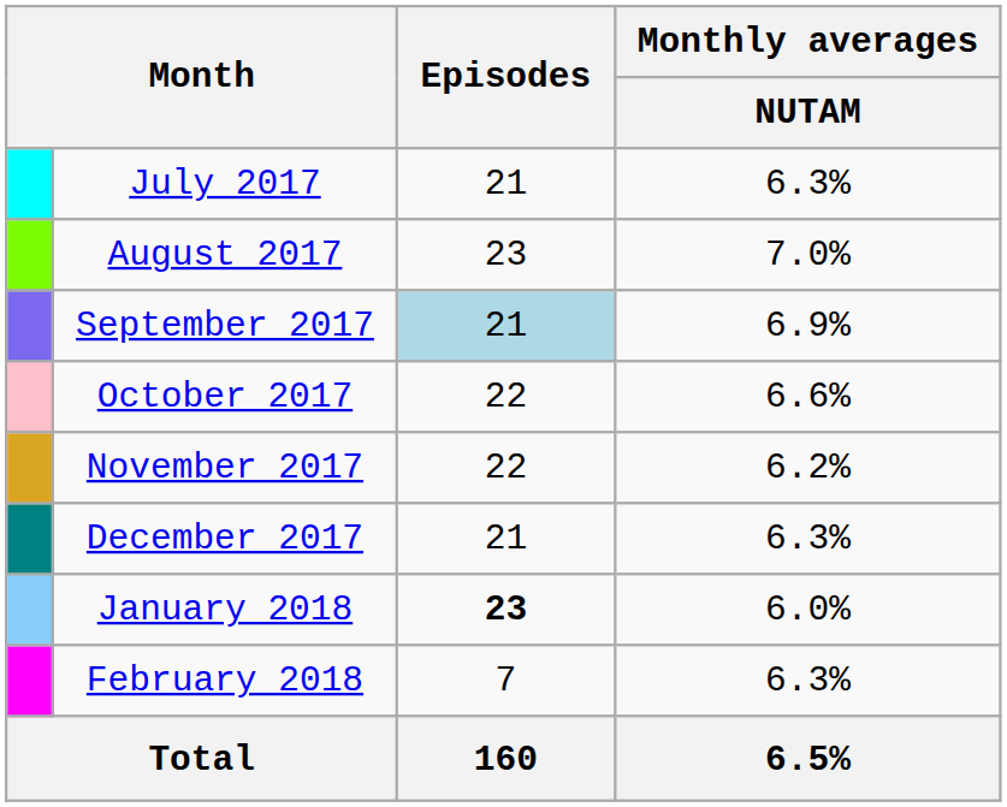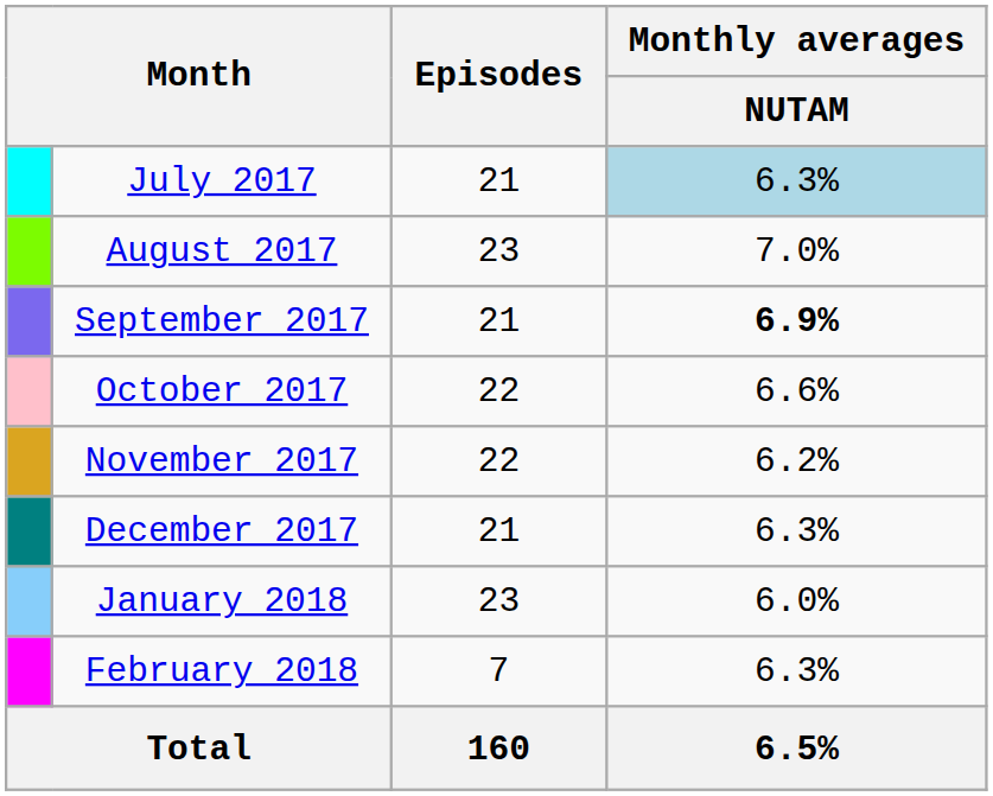 <table class="wikitable plainrowheaders" style="text-align: center; line-height:25px;">
 <tr class="wikitable" style="text-align: center;">
 <th colspan="2" rowspan="2" style="padding: 0 8px;">Month</th>
 <th rowspan="2" style="padding: 0 8px;">Episodes</th>
 <th colspan="2" style="padding: 0 8px;">Monthly averages</th>
 </tr>
 <tr>
 <th style="padding: 0 8px;">NUTAM</th>
 </tr>
 <tr>
 <td style="padding: 0 8px; background:#00FFFF;"></td>
 <td style="padding: 0 8px;" '><a href='#'>July 2017</a></td>
 <td style="padding: 0 8px;">21</td>
-<td style="padding: 0 8px;">6.3%</td>
+<td style="background: lightblue; padding: 0 8px;">6.3%</td>
 </tr>
 <tr>
 <td style="padding: 0 8px; background:#7CFC00;"></td>
 <td style="padding: 0 8px;" '><a href='#'>August 2017</a></td>
 <td style="padding: 0 8px;">23</td>
 <td style="padding: 0 8px;">7.0%</td>
 </tr>
 <tr>
 <td style="padding: 0 8px; background:#7B68EE;"></td>
 <td style="padding: 0 8px;" '><a href='#'>September 2017</a></td>
-<td style="background: lightblue; padding: 0 8px;">21</td>
-<td style="padding: 0 8px;">6.9%</td>
+<td style="padding: 0 8px;">21</td>
+<td style="padding: 0 8px;"><strong>6.9%</strong></td>
 </tr>
 <tr>
 <td style="padding: 0 8px; background:#FFC0CB;"></td>
 <td style="padding: 0 8px;" '><a href='#'>October 2017</a></td>
 <td style="padding: 0 8px;">22</td>
 <td style="padding: 0 8px;">6.6%</td>
 </tr>
 <tr>
 <td style="padding: 0 8px; background:#DAA520;"></td>
 <td style="padding: 0 8px;" '><a href='#'>November 2017</a></td>
 <td style="padding: 0 8px;">22</td>
 <td style="padding: 0 8px;">6.2%</td>
 </tr>
 <tr>
 <td style="padding: 0 8px; background:#008080;"></td>
 <td style="padding: 0 8px;" '><a href='#'>December 2017</a></td>
 <td style="padding: 0 8px;">21</td>
 <td style="padding: 0 8px;">6.3%</td>
 </tr>
 <tr>
 <td style="padding: 0 8px; background:#87CEFA;"></td>
 <td style="padding: 0 8px;" '><a href='#'>January 2018</a></td>
-<td style="padding: 0 8px;"><strong>23</strong></td>
+<td style="padding: 0 8px;">23</td>
 <td style="padding: 0 8px;">6.0%</td>
 </tr>
 <tr>
 <td style="padding: 0 8px; background:#FF00FF;"></td>
 <td style="padding: 0 8px;" '><a href='#'>February 2018</a></td>
 <td style="padding: 0 8px;">7</td>
 <td style="padding: 0 8px;">6.3%</td>
 </tr>
 <tr>
 <th colspan="2">Total</th>
 <th colspan="1">160</th>
 <th colspan="2">6.5%</th>
 </tr>
 </table>
